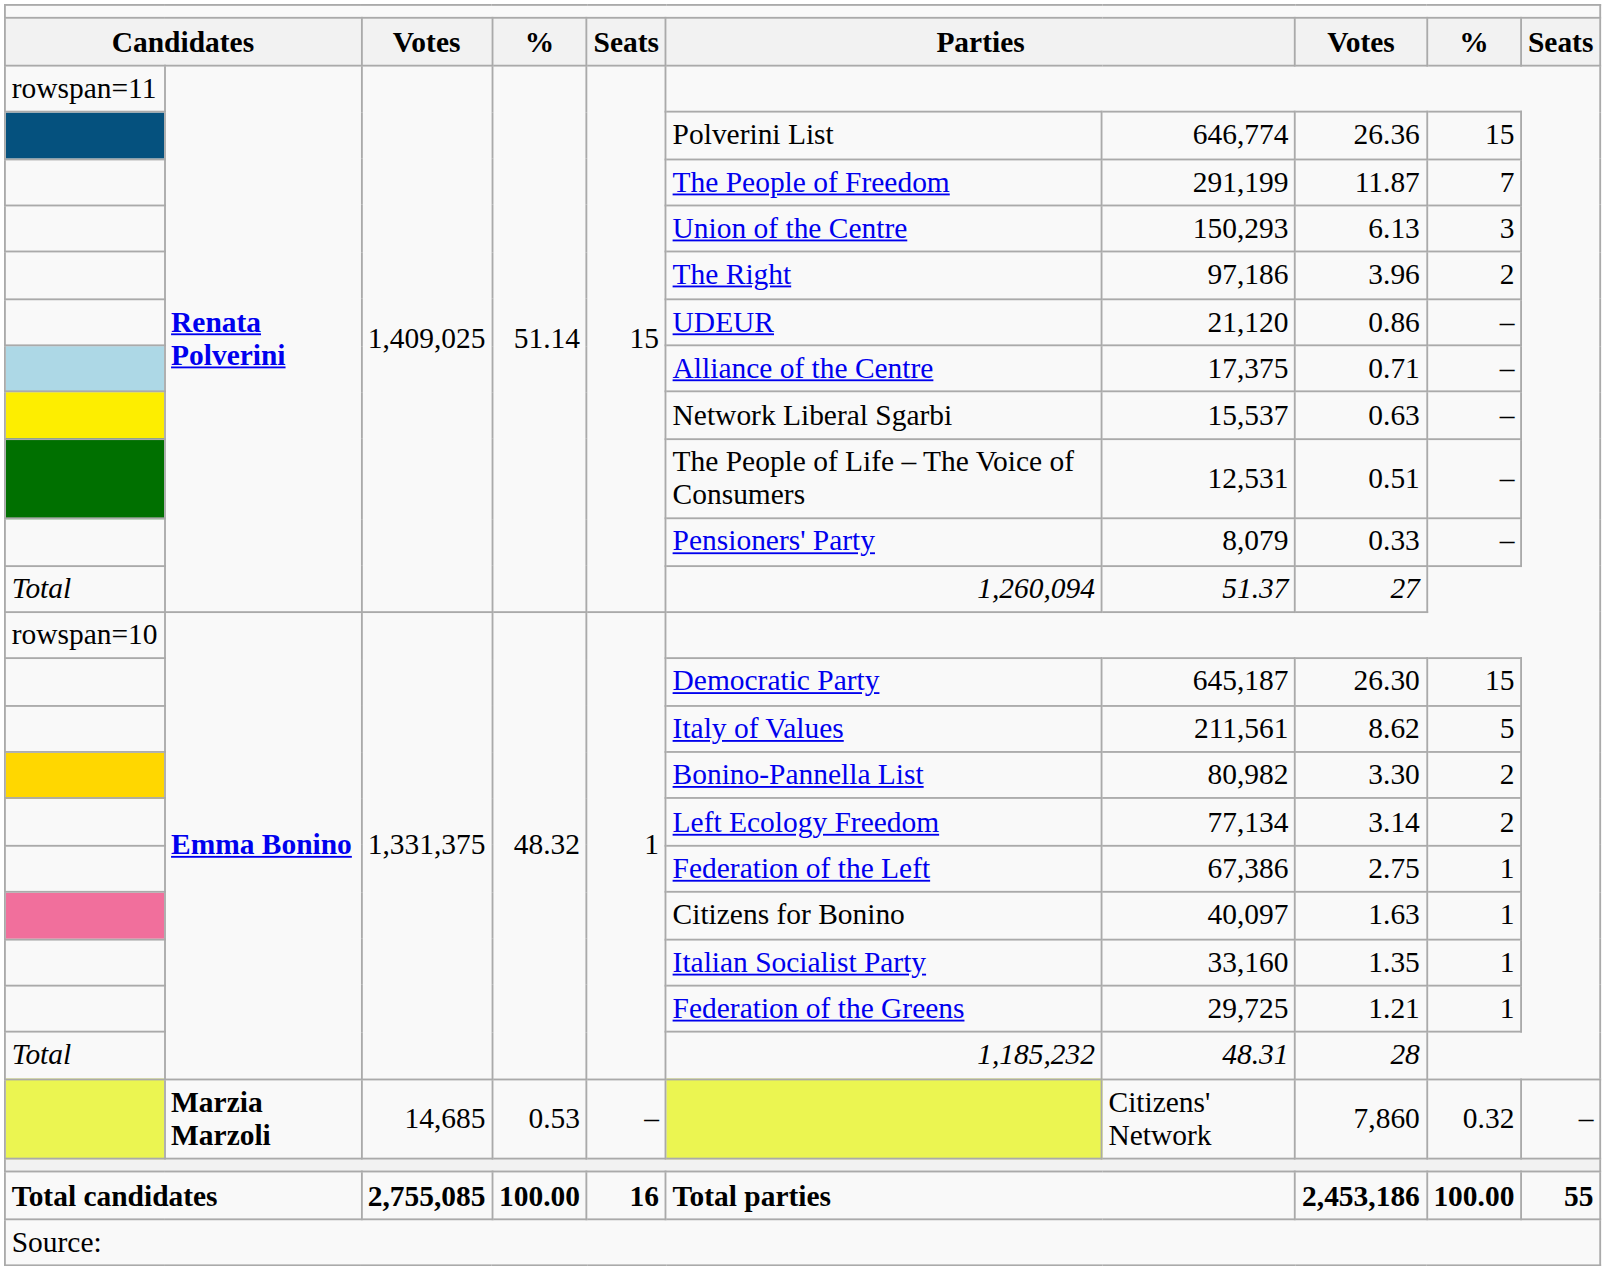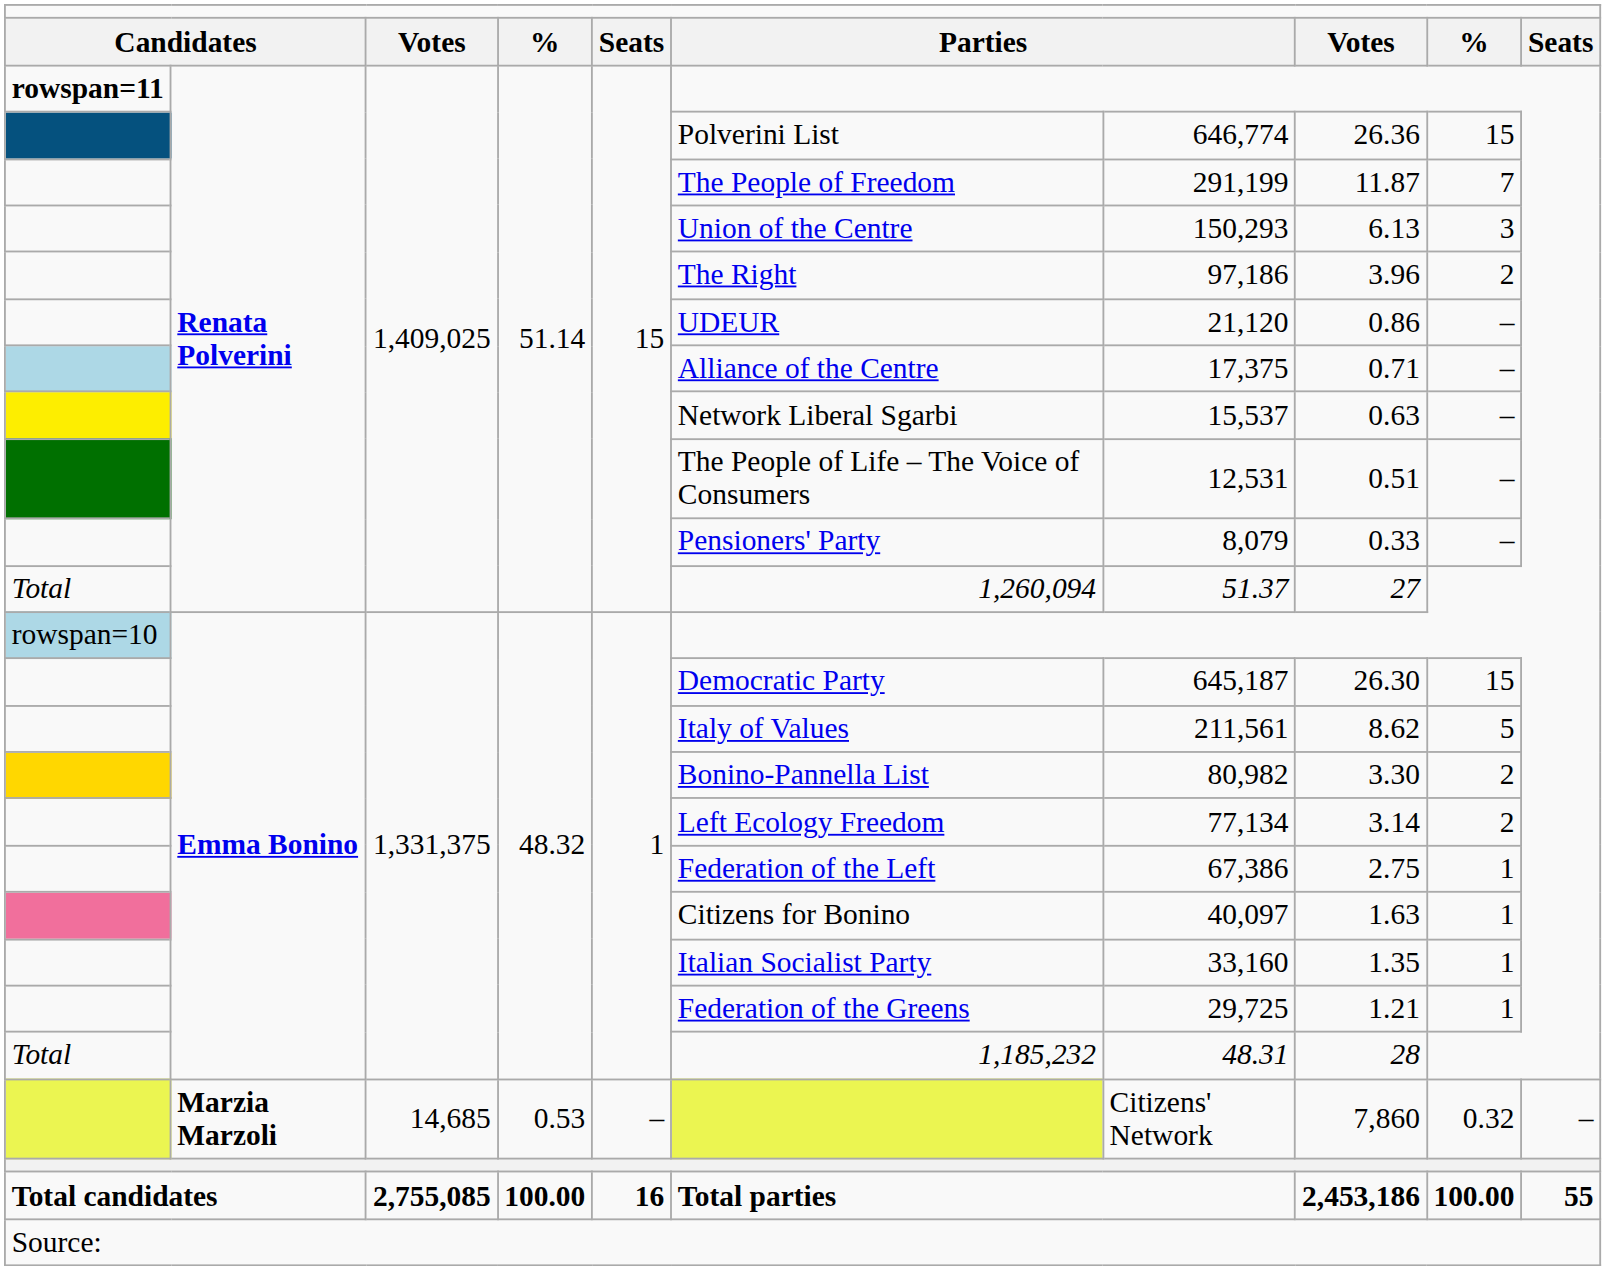 <table class="wikitable">
 <tr>
 <td colspan=10></td>
 </tr>
 <tr>
 <th colspan=2>Candidates</th>
 <th>Votes</th>
 <th>%</th>
 <th>Seats</th>
 <th colspan=2>Parties</th>
 <th>Votes</th>
 <th>%</th>
 <th>Seats</th>
 </tr>
 <tr>
-<td>rowspan=11 </td>
+<td><strong>rowspan=11 </strong></td>
 <td rowspan=11><strong><a href='#'>Renata Polverini</a></strong></td>
 <td rowspan=11 align=right>1,409,025</td>
 <td rowspan=11 align=right>51.14</td>
 <td rowspan=11 align=right>15</td>
 </tr>
 <tr>
 <td bgcolor="#05517e"></td>
 <td>Polverini List</td>
 <td align=right>646,774</td>
 <td align=right>26.36</td>
 <td align=right>15</td>
 </tr>
 <tr>
 <td></td>
 <td><a href='#'>The People of Freedom</a></td>
 <td align=right>291,199</td>
 <td align=right>11.87</td>
 <td align=right>7</td>
 </tr>
 <tr>
 <td></td>
 <td><a href='#'>Union of the Centre</a></td>
 <td align=right>150,293</td>
 <td align=right>6.13</td>
 <td align=right>3</td>
 </tr>
 <tr>
 <td></td>
 <td><a href='#'>The Right</a></td>
 <td align=right>97,186</td>
 <td align=right>3.96</td>
 <td align=right>2</td>
 </tr>
 <tr>
 <td></td>
 <td><a href='#'>UDEUR</a></td>
 <td align=right>21,120</td>
 <td align=right>0.86</td>
 <td align=right>–</td>
 </tr>
 <tr>
 <td bgcolor="lightblue"></td>
 <td><a href='#'>Alliance of the Centre</a></td>
 <td align=right>17,375</td>
 <td align=right>0.71</td>
 <td align=right>–</td>
 </tr>
 <tr>
 <td bgcolor="#FDEE00"></td>
 <td>Network Liberal Sgarbi</td>
 <td align=right>15,537</td>
 <td align=right>0.63</td>
 <td align=right>–</td>
 </tr>
 <tr>
 <td bgcolor="#007000"></td>
 <td>The People of Life – The Voice of Consumers</td>
 <td align=right>12,531</td>
 <td align=right>0.51</td>
 <td align=right>–</td>
 </tr>
 <tr>
 <td></td>
 <td><a href='#'>Pensioners' Party</a></td>
 <td align=right>8,079</td>
 <td align=right>0.33</td>
 <td align=right>–</td>
 </tr>
 <tr>
 <td colspan=2><em>Total</em></td>
 <td align=right><em>1,260,094</em></td>
 <td align=right><em>51.37</em></td>
 <td align=right><em>27</em></td>
 </tr>
 <tr>
-<td>rowspan=10 </td>
+<td style="background: lightblue;">rowspan=10 </td>
 <td rowspan=10><strong><a href='#'>Emma Bonino</a></strong></td>
 <td rowspan=10 align=right>1,331,375</td>
 <td rowspan=10 align=right>48.32</td>
 <td rowspan=10 align=right>1</td>
 </tr>
 <tr>
 <td></td>
 <td><a href='#'>Democratic Party</a></td>
 <td align=right>645,187</td>
 <td align=right>26.30</td>
 <td align=right>15</td>
 </tr>
 <tr>
 <td></td>
 <td><a href='#'>Italy of Values</a></td>
 <td align=right>211,561</td>
 <td align=right>8.62</td>
 <td align=right>5</td>
 </tr>
 <tr>
 <td bgcolor="gold"></td>
 <td><a href='#'>Bonino-Pannella List</a></td>
 <td align=right>80,982</td>
 <td align=right>3.30</td>
 <td align=right>2</td>
 </tr>
 <tr>
 <td></td>
 <td><a href='#'>Left Ecology Freedom</a></td>
 <td align=right>77,134</td>
 <td align=right>3.14</td>
 <td align=right>2</td>
 </tr>
 <tr>
 <td></td>
 <td><a href='#'>Federation of the Left</a></td>
 <td align=right>67,386</td>
 <td align=right>2.75</td>
 <td align=right>1</td>
 </tr>
 <tr>
 <td bgcolor="#F16F9C"></td>
 <td>Citizens for Bonino</td>
 <td align=right>40,097</td>
 <td align=right>1.63</td>
 <td align=right>1</td>
 </tr>
 <tr>
 <td></td>
 <td><a href='#'>Italian Socialist Party</a></td>
 <td align=right>33,160</td>
 <td align=right>1.35</td>
 <td align=right>1</td>
 </tr>
 <tr>
 <td></td>
 <td><a href='#'>Federation of the Greens</a></td>
 <td align=right>29,725</td>
 <td align=right>1.21</td>
 <td align=right>1</td>
 </tr>
 <tr>
 <td colspan=2><em>Total</em></td>
 <td align=right><em>1,185,232</em></td>
 <td align=right><em>48.31</em></td>
 <td align=right><em>28</em></td>
 </tr>
 <tr>
 <td bgcolor="#EBF551"></td>
 <td><strong>Marzia Marzoli</strong></td>
 <td align=right>14,685</td>
 <td align=right>0.53</td>
 <td align=right>–</td>
 <td bgcolor="#EBF551"></td>
 <td align="left">Citizens' Network</td>
 <td align=right>7,860</td>
 <td align=right>0.32</td>
 <td align=right>–</td>
 </tr>
 <tr>
 <th colspan=10></th>
 </tr>
 <tr>
 <td colspan=2><strong>Total candidates</strong></td>
 <td align=right><strong>2,755,085</strong></td>
 <td align=right><strong>100.00</strong></td>
 <td align=right><strong>16</strong></td>
 <td colspan=2><strong>Total parties</strong></td>
 <td align=right><strong>2,453,186</strong></td>
 <td align=right><strong>100.00</strong></td>
 <td align=right><strong>55</strong></td>
 </tr>
 <tr>
 <td colspan=10>Source: </td>
 </tr>
 </table>
